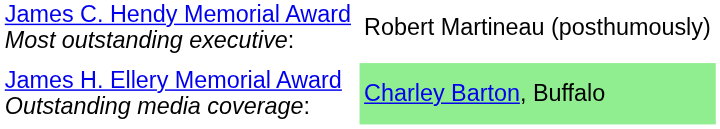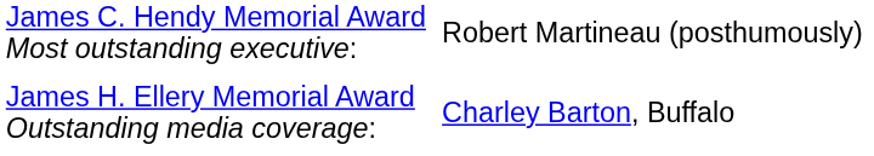 <table cellpadding="3" cellspacing="3">
 <tr>
 <td><a href='#'>James C. Hendy Memorial Award</a><br><em>Most outstanding executive</em>:</td>
 <td>Robert Martineau (posthumously)</td>
 </tr>
 <tr>
 <td><a href='#'>James H. Ellery Memorial Award</a> <br><em>Outstanding media coverage</em>:</td>
-<td style="background: lightgreen;"><a href='#'>Charley Barton</a>, Buffalo</td>
+<td><a href='#'>Charley Barton</a>, Buffalo</td>
 </tr>
 </table>
